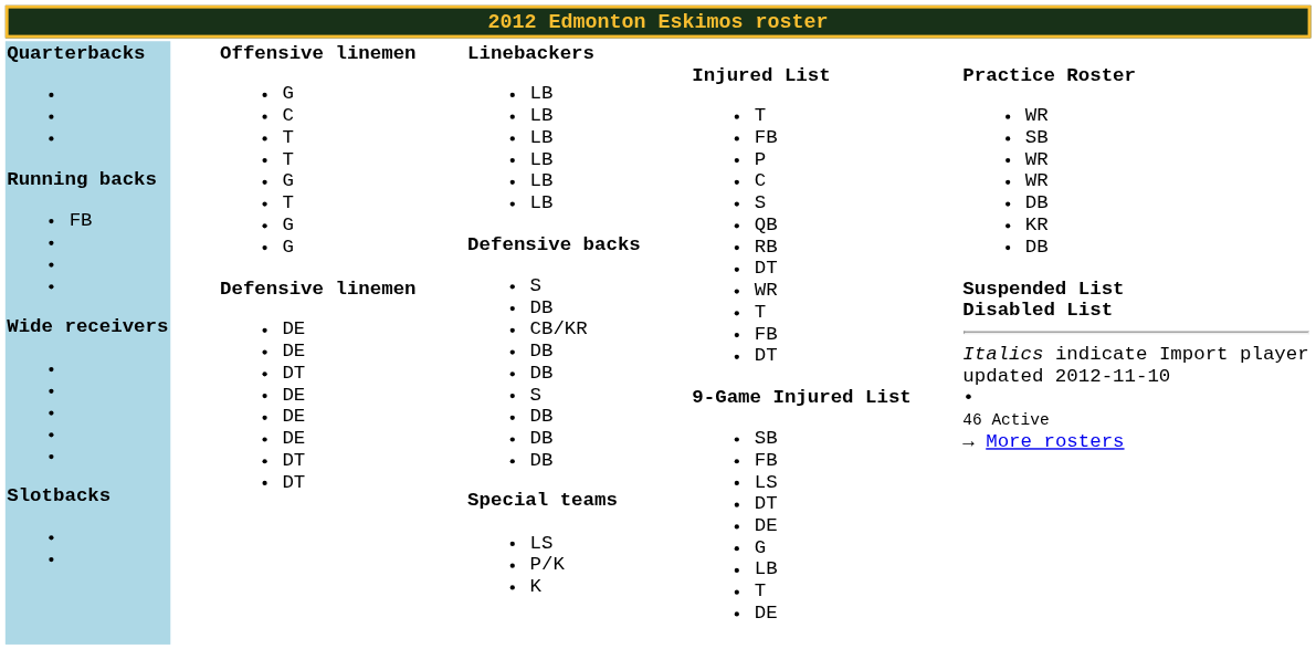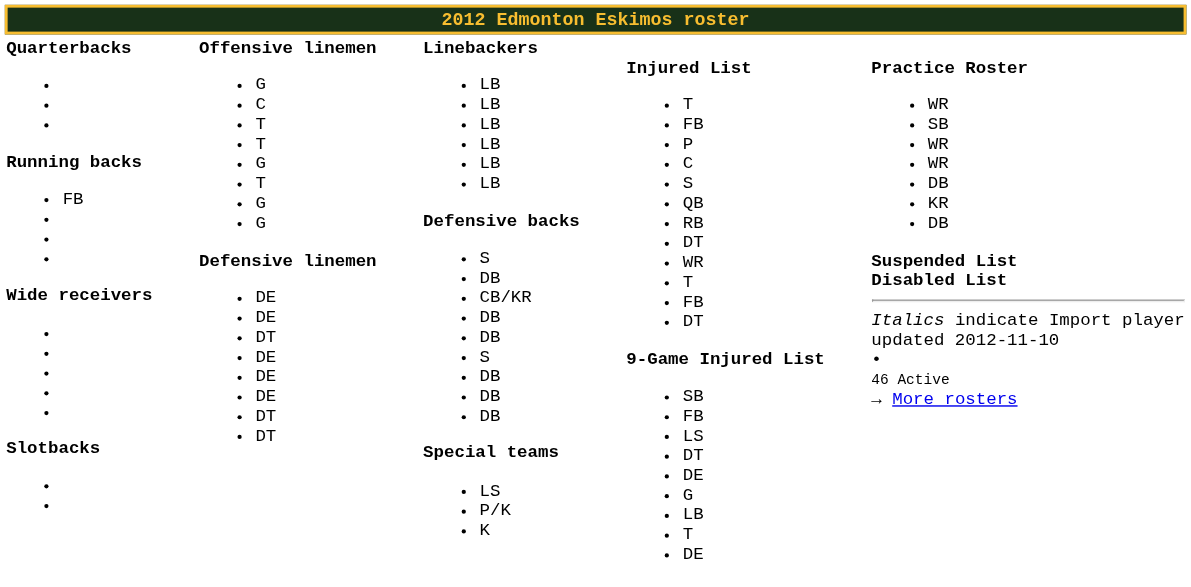 <table class="toccolours" style="text-align: left;">
 <tr>
 <th colspan="9" style="background:#183118; border:2px solid #f7bd30; color: #f7bd30; text-align: center">2012 Edmonton Eskimos roster</th>
 </tr>
 <tr>
-<td style="background: lightblue; font-size:95%; vertical-align:top;"><strong>Quarterbacks</strong><br><ul><li></li><li></li><li></li></ul><strong>Running backs</strong><ul><li> FB</li><li></li><li></li><li></li></ul><strong>Wide receivers</strong><ul><li></li><li></li><li></li><li></li><li></li></ul><strong>Slotbacks</strong><ul><li></li><li></li></ul></td>
+<td style="font-size:95%; vertical-align:top;"><strong>Quarterbacks</strong><br><ul><li></li><li></li><li></li></ul><strong>Running backs</strong><ul><li> FB</li><li></li><li></li><li></li></ul><strong>Wide receivers</strong><ul><li></li><li></li><li></li><li></li><li></li></ul><strong>Slotbacks</strong><ul><li></li><li></li></ul></td>
 <td style="width: 25px;"></td>
 <td style="font-size:95%; vertical-align:top;"><strong>Offensive linemen</strong><br><ul><li> G</li><li> C</li><li> T</li><li> T</li><li> G</li><li> T</li><li> G</li><li> G</li></ul><strong>Defensive linemen</strong><ul><li> DE</li><li> DE</li><li> DT</li><li> DE</li><li> DE</li><li> DE</li><li> DT</li><li> DT</li></ul></td>
 <td style="width: 25px;"></td>
 <td style="font-size:95%; vertical-align:top;"><strong>Linebackers</strong><br><ul><li> LB</li><li> LB</li><li> LB</li><li> LB</li><li> LB</li><li> LB</li></ul><strong>Defensive backs</strong><ul><li> S</li><li> DB</li><li> CB/KR</li><li> DB</li><li> DB</li><li> S</li><li> DB</li><li> DB</li><li> DB</li></ul><strong>Special teams</strong><ul><li> LS</li><li> P/K</li><li> K</li></ul></td>
 <td style="width: 25px;"></td>
 <td style="font-size:95%; vertical-align:top;"><br><strong>Injured List</strong><ul><li> T</li><li> FB</li><li> P</li><li> C</li><li> S</li><li> QB</li><li> RB</li><li> DT</li><li> WR</li><li> T</li><li> FB</li><li> DT</li></ul><strong>9-Game Injured List</strong><ul><li> SB</li><li> FB</li><li> LS</li><li> DT</li><li> DE</li><li> G</li><li> LB</li><li> T</li><li> DE</li></ul></td>
 <td style="width: 25px;"></td>
 <td style="font-size:95%; vertical-align:top;"><br><strong>Practice Roster</strong><ul><li> WR</li><li> SB</li><li> WR</li><li> WR</li><li> DB</li><li> KR</li><li> DB</li></ul><strong>Suspended List</strong><br><strong>Disabled List</strong><br><hr> <em>Italics</em> indicate Import player<br> <span></span> updated 2012-11-10<br> <span></span> • <span></span><br> <small>46 Active</small><br>→ <a href='#'>More rosters</a></td>
 </tr>
 </table>
